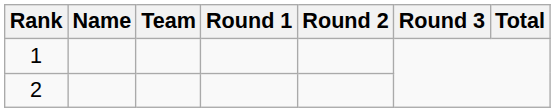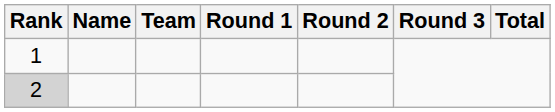 <table class="wikitable sortable" style="text-align:center">
 <tr>
 <th>Rank</th>
 <th>Name</th>
 <th>Team</th>
 <th>Round 1</th>
 <th>Round 2</th>
 <th>Round 3</th>
 <th>Total</th>
 </tr>
 <tr>
 <td>1</td>
 <td></td>
 <td></td>
 <td></td>
 <td></td>
 </tr>
 <tr>
-<td>2</td>
+<td style="background: lightgrey;">2</td>
 <td></td>
 <td></td>
 <td></td>
 <td></td>
 </tr>
 </table>
